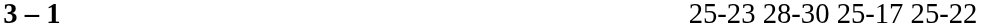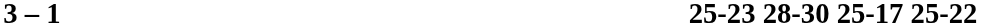 <table width=100% cellspacing=1>
 <tr>
 <th width=20%></th>
 <th width=12%></th>
 <th width=20%></th>
 <th width=33%></th>
 <td></td>
 </tr>
 <tr style=font-size:90%>
 <td align=right><strong></strong></td>
 <td align=center><strong>3 – 1</strong></td>
 <td></td>
-<td>25-23 28-30 25-17 25-22</td>
+<td><strong>25-23 28-30 25-17 25-22</strong></td>
 </tr>
 </table>
